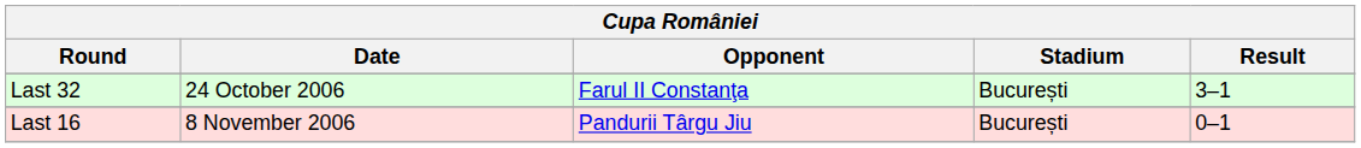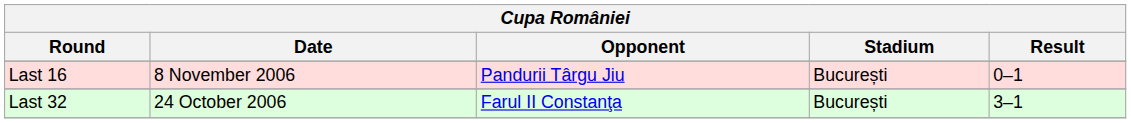 <table class="wikitable" style="width:80%;">
 <tr>
 <th colspan="5" style="text-align:center;"><em>Cupa României</em></th>
 </tr>
 <tr>
 <th>Round</th>
 <th>Date</th>
 <th>Opponent</th>
 <th>Stadium</th>
 <th>Result</th>
 </tr>
 <tr>
 </tr>
+<tr bgcolor="#ffdddd">
+<td>Last 16</td>
+<td>8 November 2006</td>
+<td><a href='#'>Pandurii Târgu Jiu</a></td>
+<td>București</td>
+<td>0–1</td>
+</tr>
+<tr>
+</tr>
 <tr bgcolor="#ddffdd">
 <td>Last 32</td>
 <td>24 October 2006</td>
 <td><a href='#'>Farul II Constanţa</a></td>
 <td>București</td>
 <td>3–1</td>
 </tr>
 <tr>
 </tr>
-<tr bgcolor="#ffdddd">
-<td>Last 16</td>
-<td>8 November 2006</td>
-<td><a href='#'>Pandurii Târgu Jiu</a></td>
-<td>București</td>
-<td>0–1</td>
-</tr>
-<tr>
-</tr>
 </table>
